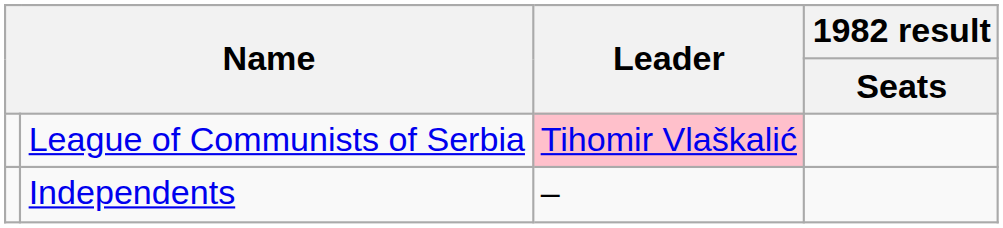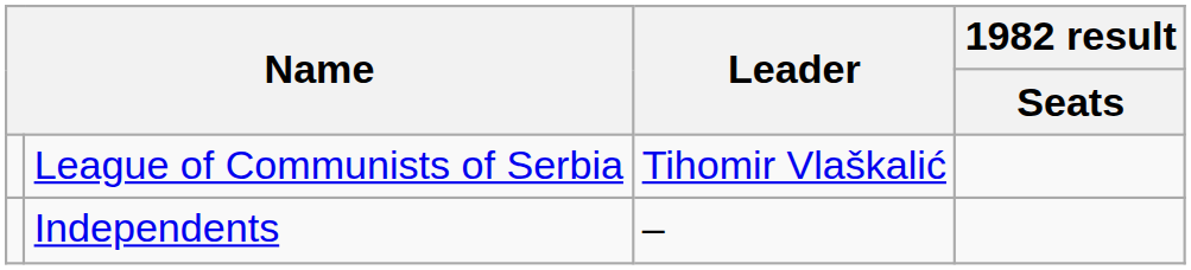 <table class="wikitable" style="text-align:left">
 <tr>
 <th colspan="2" rowspan="2">Name</th>
 <th rowspan="2">Leader</th>
 <th colspan="2">1982 result</th>
 </tr>
 <tr>
 <th>Seats</th>
 </tr>
 <tr>
 <td style="background:"></td>
 <td><a href='#'>League of Communists of Serbia</a></td>
-<td style="background: pink;"><a href='#'>Tihomir Vlaškalić</a></td>
+<td><a href='#'>Tihomir Vlaškalić</a></td>
 <td></td>
 </tr>
 <tr>
 <td style="background:"></td>
 <td><a href='#'>Independents</a></td>
 <td>–</td>
 <td></td>
 </tr>
 </table>
